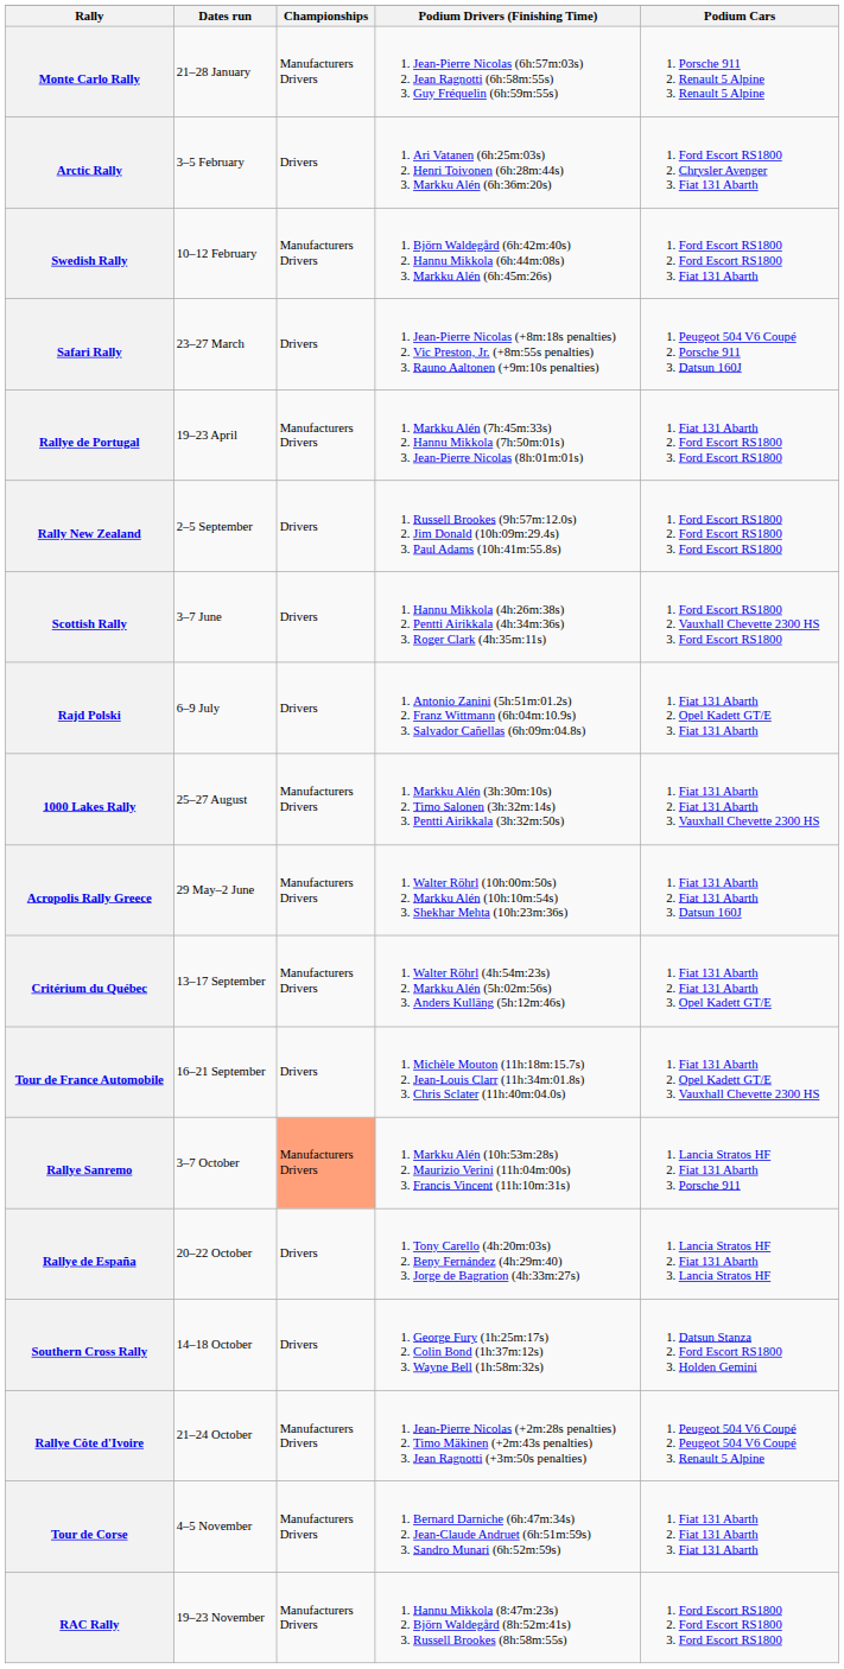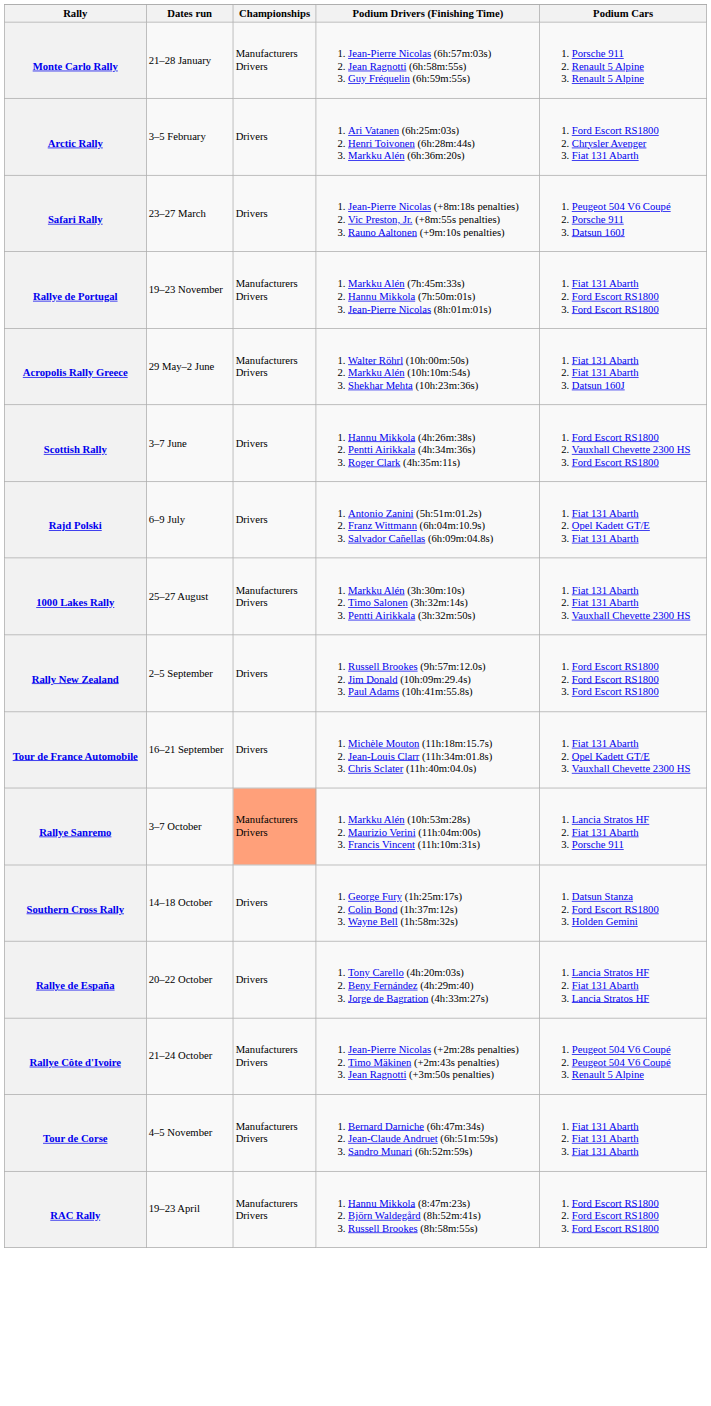 <table class="wikitable" width="100%" align=center style="font-size:90%; max-width: 950px;">
 <tr>
 </tr>
 <tr style="background:#efefef;">
 <th>Rally</th>
 <th>Dates run</th>
 <th>Championships</th>
 <th>Podium Drivers (Finishing Time)</th>
 <th>Podium Cars</th>
 </tr>
 <tr>
 <th><br><a href='#'>Monte Carlo Rally</a></th>
 <td>21–28 January</td>
 <td>Manufacturers<br>Drivers</td>
 <td><br><ol><li> <a href='#'>Jean-Pierre Nicolas</a> (6h:57m:03s)</li><li> <a href='#'>Jean Ragnotti</a> (6h:58m:55s)</li><li> <a href='#'>Guy Fréquelin</a> (6h:59m:55s)</li></ol></td>
 <td><br><ol><li><a href='#'>Porsche 911</a></li><li><a href='#'>Renault 5 Alpine</a></li><li><a href='#'>Renault 5 Alpine</a></li></ol></td>
 </tr>
 <tr>
 <th><br><a href='#'>Arctic Rally</a></th>
 <td>3–5 February</td>
 <td>Drivers</td>
 <td><br><ol><li> <a href='#'>Ari Vatanen</a> (6h:25m:03s)</li><li> <a href='#'>Henri Toivonen</a> (6h:28m:44s)</li><li> <a href='#'>Markku Alén</a> (6h:36m:20s)</li></ol></td>
 <td><br><ol><li><a href='#'>Ford Escort RS1800</a></li><li><a href='#'>Chrysler Avenger</a></li><li><a href='#'>Fiat 131 Abarth</a></li></ol></td>
 </tr>
 <tr>
-<th><br><a href='#'>Swedish Rally</a></th>
-<td>10–12 February</td>
-<td>Manufacturers<br>Drivers</td>
-<td><br><ol><li> <a href='#'>Björn Waldegård</a> (6h:42m:40s)</li><li> <a href='#'>Hannu Mikkola</a> (6h:44m:08s)</li><li> <a href='#'>Markku Alén</a> (6h:45m:26s)</li></ol></td>
-<td><br><ol><li><a href='#'>Ford Escort RS1800</a></li><li><a href='#'>Ford Escort RS1800</a></li><li><a href='#'>Fiat 131 Abarth</a></li></ol></td>
-</tr>
-<tr>
 <th><br><a href='#'>Safari Rally</a></th>
 <td>23–27 March</td>
 <td>Drivers</td>
 <td><br><ol><li> <a href='#'>Jean-Pierre Nicolas</a> (+8m:18s penalties)</li><li> <a href='#'>Vic Preston, Jr.</a> (+8m:55s penalties)</li><li> <a href='#'>Rauno Aaltonen</a> (+9m:10s penalties)</li></ol></td>
 <td><br><ol><li><a href='#'>Peugeot 504 V6 Coupé</a></li><li><a href='#'>Porsche 911</a></li><li><a href='#'>Datsun 160J</a></li></ol></td>
 </tr>
 <tr>
 <th><br><a href='#'>Rallye de Portugal</a></th>
-<td>19–23 April</td>
+<td>19–23 November</td>
 <td>Manufacturers<br>Drivers</td>
 <td><br><ol><li> <a href='#'>Markku Alén</a> (7h:45m:33s)</li><li> <a href='#'>Hannu Mikkola</a> (7h:50m:01s)</li><li> <a href='#'>Jean-Pierre Nicolas</a> (8h:01m:01s)</li></ol></td>
 <td><br><ol><li><a href='#'>Fiat 131 Abarth</a></li><li><a href='#'>Ford Escort RS1800</a></li><li><a href='#'>Ford Escort RS1800</a></li></ol></td>
 </tr>
 <tr>
-<th><br><a href='#'>Rally New Zealand</a></th>
-<td>2–5 September</td>
-<td>Drivers</td>
-<td><br><ol><li> <a href='#'>Russell Brookes</a> (9h:57m:12.0s)</li><li> <a href='#'>Jim Donald</a> (10h:09m:29.4s)</li><li> <a href='#'>Paul Adams</a> (10h:41m:55.8s)</li></ol></td>
-<td><br><ol><li><a href='#'>Ford Escort RS1800</a></li><li><a href='#'>Ford Escort RS1800</a></li><li><a href='#'>Ford Escort RS1800</a></li></ol></td>
+<th><br><a href='#'>Acropolis Rally Greece</a></th>
+<td>29 May–2 June</td>
+<td>Manufacturers<br>Drivers</td>
+<td><br><ol><li> <a href='#'>Walter Röhrl</a> (10h:00m:50s)</li><li> <a href='#'>Markku Alén</a> (10h:10m:54s)</li><li> <a href='#'>Shekhar Mehta</a> (10h:23m:36s)</li></ol></td>
+<td><br><ol><li><a href='#'>Fiat 131 Abarth</a></li><li><a href='#'>Fiat 131 Abarth</a></li><li><a href='#'>Datsun 160J</a></li></ol></td>
 </tr>
 <tr>
 <th><br><a href='#'>Scottish Rally</a></th>
 <td>3–7 June</td>
 <td>Drivers</td>
 <td><br><ol><li> <a href='#'>Hannu Mikkola</a> (4h:26m:38s)</li><li> <a href='#'>Pentti Airikkala</a> (4h:34m:36s)</li><li> <a href='#'>Roger Clark</a> (4h:35m:11s)</li></ol></td>
 <td><br><ol><li><a href='#'>Ford Escort RS1800</a></li><li><a href='#'>Vauxhall Chevette 2300 HS</a></li><li><a href='#'>Ford Escort RS1800</a></li></ol></td>
 </tr>
 <tr>
 <th><br><a href='#'>Rajd Polski</a></th>
 <td>6–9 July</td>
 <td>Drivers</td>
 <td><br><ol><li> <a href='#'>Antonio Zanini</a> (5h:51m:01.2s)</li><li> <a href='#'>Franz Wittmann</a> (6h:04m:10.9s)</li><li> <a href='#'>Salvador Cañellas</a> (6h:09m:04.8s)</li></ol></td>
 <td><br><ol><li><a href='#'>Fiat 131 Abarth</a></li><li><a href='#'>Opel Kadett GT/E</a></li><li><a href='#'>Fiat 131 Abarth</a></li></ol></td>
 </tr>
 <tr>
 <th><br><a href='#'>1000 Lakes Rally</a></th>
 <td>25–27 August</td>
 <td>Manufacturers<br>Drivers</td>
 <td><br><ol><li> <a href='#'>Markku Alén</a> (3h:30m:10s)</li><li> <a href='#'>Timo Salonen</a> (3h:32m:14s)</li><li> <a href='#'>Pentti Airikkala</a> (3h:32m:50s)</li></ol></td>
 <td><br><ol><li><a href='#'>Fiat 131 Abarth</a></li><li><a href='#'>Fiat 131 Abarth</a></li><li><a href='#'>Vauxhall Chevette 2300 HS</a></li></ol></td>
 </tr>
 <tr>
-<th><br><a href='#'>Acropolis Rally Greece</a></th>
-<td>29 May–2 June</td>
-<td>Manufacturers<br>Drivers</td>
-<td><br><ol><li> <a href='#'>Walter Röhrl</a> (10h:00m:50s)</li><li> <a href='#'>Markku Alén</a> (10h:10m:54s)</li><li> <a href='#'>Shekhar Mehta</a> (10h:23m:36s)</li></ol></td>
-<td><br><ol><li><a href='#'>Fiat 131 Abarth</a></li><li><a href='#'>Fiat 131 Abarth</a></li><li><a href='#'>Datsun 160J</a></li></ol></td>
-</tr>
-<tr>
-<th><br><a href='#'>Critérium du Québec</a></th>
-<td>13–17 September</td>
-<td>Manufacturers<br>Drivers</td>
-<td><br><ol><li> <a href='#'>Walter Röhrl</a> (4h:54m:23s)</li><li> <a href='#'>Markku Alén</a> (5h:02m:56s)</li><li> <a href='#'>Anders Kulläng</a> (5h:12m:46s)</li></ol></td>
-<td><br><ol><li><a href='#'>Fiat 131 Abarth</a></li><li><a href='#'>Fiat 131 Abarth</a></li><li><a href='#'>Opel Kadett GT/E</a></li></ol></td>
+<th><br><a href='#'>Rally New Zealand</a></th>
+<td>2–5 September</td>
+<td>Drivers</td>
+<td><br><ol><li> <a href='#'>Russell Brookes</a> (9h:57m:12.0s)</li><li> <a href='#'>Jim Donald</a> (10h:09m:29.4s)</li><li> <a href='#'>Paul Adams</a> (10h:41m:55.8s)</li></ol></td>
+<td><br><ol><li><a href='#'>Ford Escort RS1800</a></li><li><a href='#'>Ford Escort RS1800</a></li><li><a href='#'>Ford Escort RS1800</a></li></ol></td>
 </tr>
 <tr>
 <th><br><a href='#'>Tour de France Automobile</a></th>
 <td>16–21 September</td>
 <td>Drivers</td>
 <td><br><ol><li> <a href='#'>Michèle Mouton</a> (11h:18m:15.7s)</li><li> <a href='#'>Jean-Louis Clarr</a> (11h:34m:01.8s)</li><li> <a href='#'>Chris Sclater</a> (11h:40m:04.0s)</li></ol></td>
 <td><br><ol><li><a href='#'>Fiat 131 Abarth</a></li><li><a href='#'>Opel Kadett GT/E</a></li><li><a href='#'>Vauxhall Chevette 2300 HS</a></li></ol></td>
 </tr>
 <tr>
 <th><br><a href='#'>Rallye Sanremo</a></th>
 <td>3–7 October</td>
 <td style="background: lightsalmon;">Manufacturers<br>Drivers</td>
 <td><br><ol><li> <a href='#'>Markku Alén</a> (10h:53m:28s)</li><li> <a href='#'>Maurizio Verini</a> (11h:04m:00s)</li><li> <a href='#'>Francis Vincent</a> (11h:10m:31s)</li></ol></td>
 <td><br><ol><li><a href='#'>Lancia Stratos HF</a></li><li><a href='#'>Fiat 131 Abarth</a></li><li><a href='#'>Porsche 911</a></li></ol></td>
 </tr>
 <tr>
+<th><br><a href='#'>Southern Cross Rally</a></th>
+<td>14–18 October</td>
+<td>Drivers</td>
+<td><br><ol><li> <a href='#'>George Fury</a> (1h:25m:17s)</li><li> <a href='#'>Colin Bond</a> (1h:37m:12s)</li><li> <a href='#'>Wayne Bell</a> (1h:58m:32s)</li></ol></td>
+<td><br><ol><li><a href='#'>Datsun Stanza</a></li><li><a href='#'>Ford Escort RS1800</a></li><li><a href='#'>Holden Gemini</a></li></ol></td>
+</tr>
+<tr>
 <th><br><a href='#'>Rallye de España</a></th>
 <td>20–22 October</td>
 <td>Drivers</td>
 <td><br><ol><li> <a href='#'>Tony Carello</a> (4h:20m:03s)</li><li> <a href='#'>Beny Fernández</a> (4h:29m:40)</li><li> <a href='#'>Jorge de Bagration</a> (4h:33m:27s)</li></ol></td>
 <td><br><ol><li><a href='#'>Lancia Stratos HF</a></li><li><a href='#'>Fiat 131 Abarth</a></li><li><a href='#'>Lancia Stratos HF</a></li></ol></td>
-</tr>
-<tr>
-<th><br><a href='#'>Southern Cross Rally</a></th>
-<td>14–18 October</td>
-<td>Drivers</td>
-<td><br><ol><li> <a href='#'>George Fury</a> (1h:25m:17s)</li><li> <a href='#'>Colin Bond</a> (1h:37m:12s)</li><li> <a href='#'>Wayne Bell</a> (1h:58m:32s)</li></ol></td>
-<td><br><ol><li><a href='#'>Datsun Stanza</a></li><li><a href='#'>Ford Escort RS1800</a></li><li><a href='#'>Holden Gemini</a></li></ol></td>
 </tr>
 <tr>
 <th><br><a href='#'>Rallye Côte d'Ivoire</a></th>
 <td>21–24 October</td>
 <td>Manufacturers<br>Drivers</td>
 <td><br><ol><li> <a href='#'>Jean-Pierre Nicolas</a> (+2m:28s penalties)</li><li> <a href='#'>Timo Mäkinen</a> (+2m:43s penalties)</li><li> <a href='#'>Jean Ragnotti</a> (+3m:50s penalties)</li></ol></td>
 <td><br><ol><li><a href='#'>Peugeot 504 V6 Coupé</a></li><li><a href='#'>Peugeot 504 V6 Coupé</a></li><li><a href='#'>Renault 5 Alpine</a></li></ol></td>
 </tr>
 <tr>
 <th><br><a href='#'>Tour de Corse</a></th>
 <td>4–5 November</td>
 <td>Manufacturers<br>Drivers</td>
 <td><br><ol><li> <a href='#'>Bernard Darniche</a> (6h:47m:34s)</li><li> <a href='#'>Jean-Claude Andruet</a> (6h:51m:59s)</li><li> <a href='#'>Sandro Munari</a> (6h:52m:59s)</li></ol></td>
 <td><br><ol><li><a href='#'>Fiat 131 Abarth</a></li><li><a href='#'>Fiat 131 Abarth</a></li><li><a href='#'>Fiat 131 Abarth</a></li></ol></td>
 </tr>
 <tr>
 <th><br><a href='#'>RAC Rally</a></th>
-<td>19–23 November</td>
+<td>19–23 April</td>
 <td>Manufacturers<br>Drivers</td>
 <td><br><ol><li> <a href='#'>Hannu Mikkola</a> (8:47m:23s)</li><li> <a href='#'>Björn Waldegård</a> (8h:52m:41s)</li><li> <a href='#'>Russell Brookes</a> (8h:58m:55s)</li></ol></td>
 <td><br><ol><li><a href='#'>Ford Escort RS1800</a></li><li><a href='#'>Ford Escort RS1800</a></li><li><a href='#'>Ford Escort RS1800</a></li></ol></td>
 </tr>
 </table>
